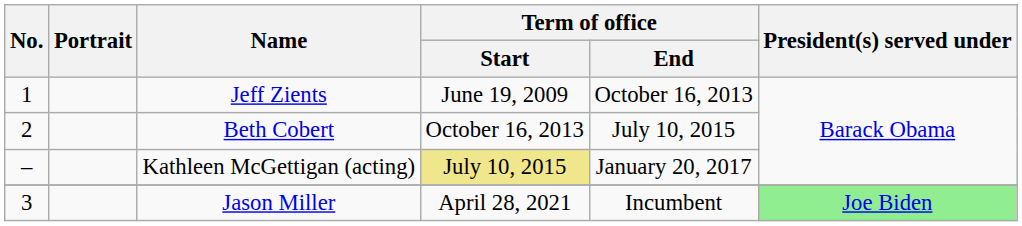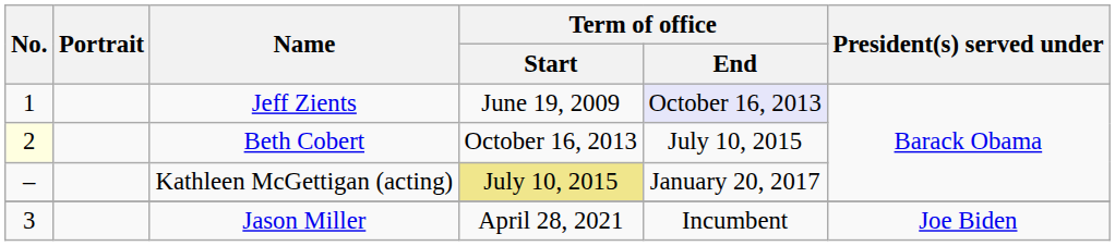 <table class="wikitable" style="text-align: center;">
 <tr>
 <th rowspan="2">No.</th>
 <th rowspan="2">Portrait</th>
 <th rowspan="2">Name</th>
 <th colspan="2">Term of office</th>
 <th rowspan="2">President(s) served under</th>
 </tr>
 <tr>
 <th>Start</th>
 <th>End</th>
 </tr>
 <tr>
 <td>1</td>
 <td></td>
 <td><a href='#'>Jeff Zients</a></td>
 <td>June 19, 2009</td>
-<td>October 16, 2013</td>
+<td style="background: lavender;">October 16, 2013</td>
 <td rowspan="3"><a href='#'>Barack Obama</a></td>
 </tr>
 <tr>
-<td>2</td>
+<td style="background: lightyellow;">2</td>
 <td></td>
 <td><a href='#'>Beth Cobert</a></td>
 <td>October 16, 2013</td>
 <td>July 10, 2015</td>
 </tr>
 <tr>
 <td>–</td>
 <td></td>
 <td>Kathleen McGettigan (acting)</td>
 <td style="background: khaki;">July 10, 2015</td>
 <td>January 20, 2017</td>
 </tr>
 <tr>
 </tr>
 <tr>
 <td>3</td>
 <td></td>
 <td><a href='#'>Jason Miller</a></td>
 <td>April 28, 2021</td>
 <td>Incumbent</td>
-<td style="background: lightgreen;"><a href='#'>Joe Biden</a></td>
+<td><a href='#'>Joe Biden</a></td>
 </tr>
 </table>
